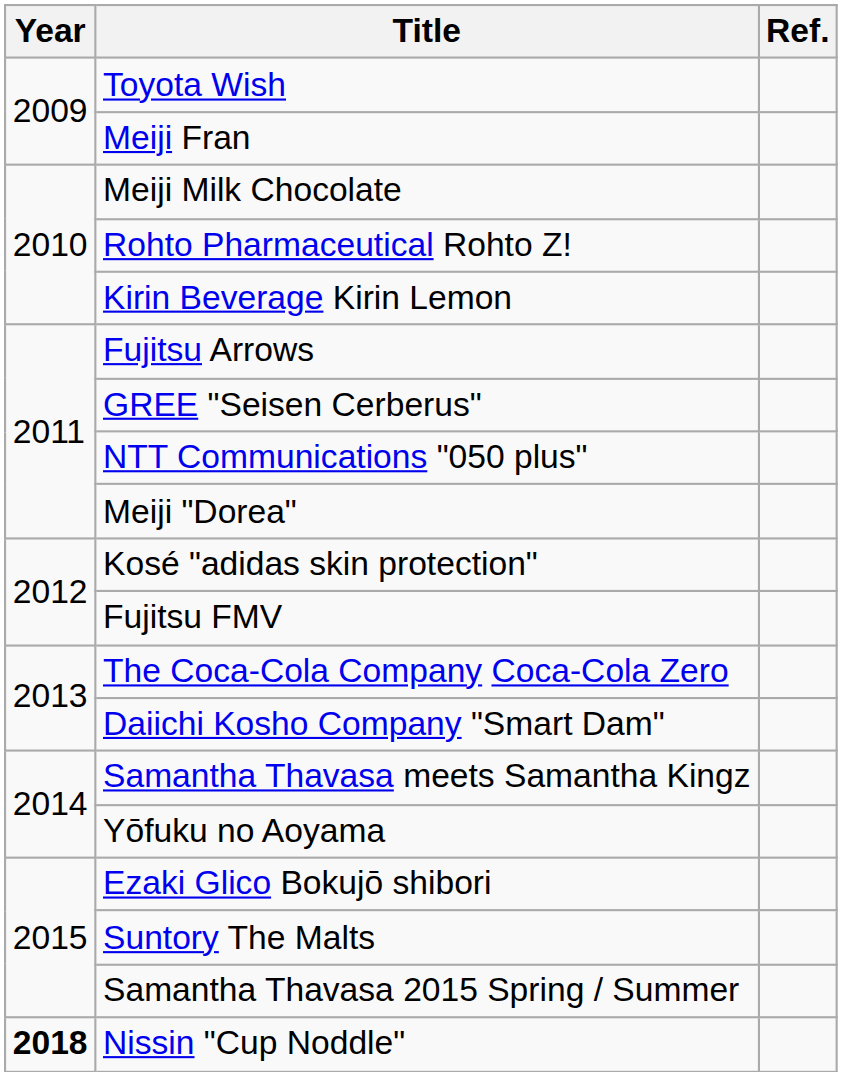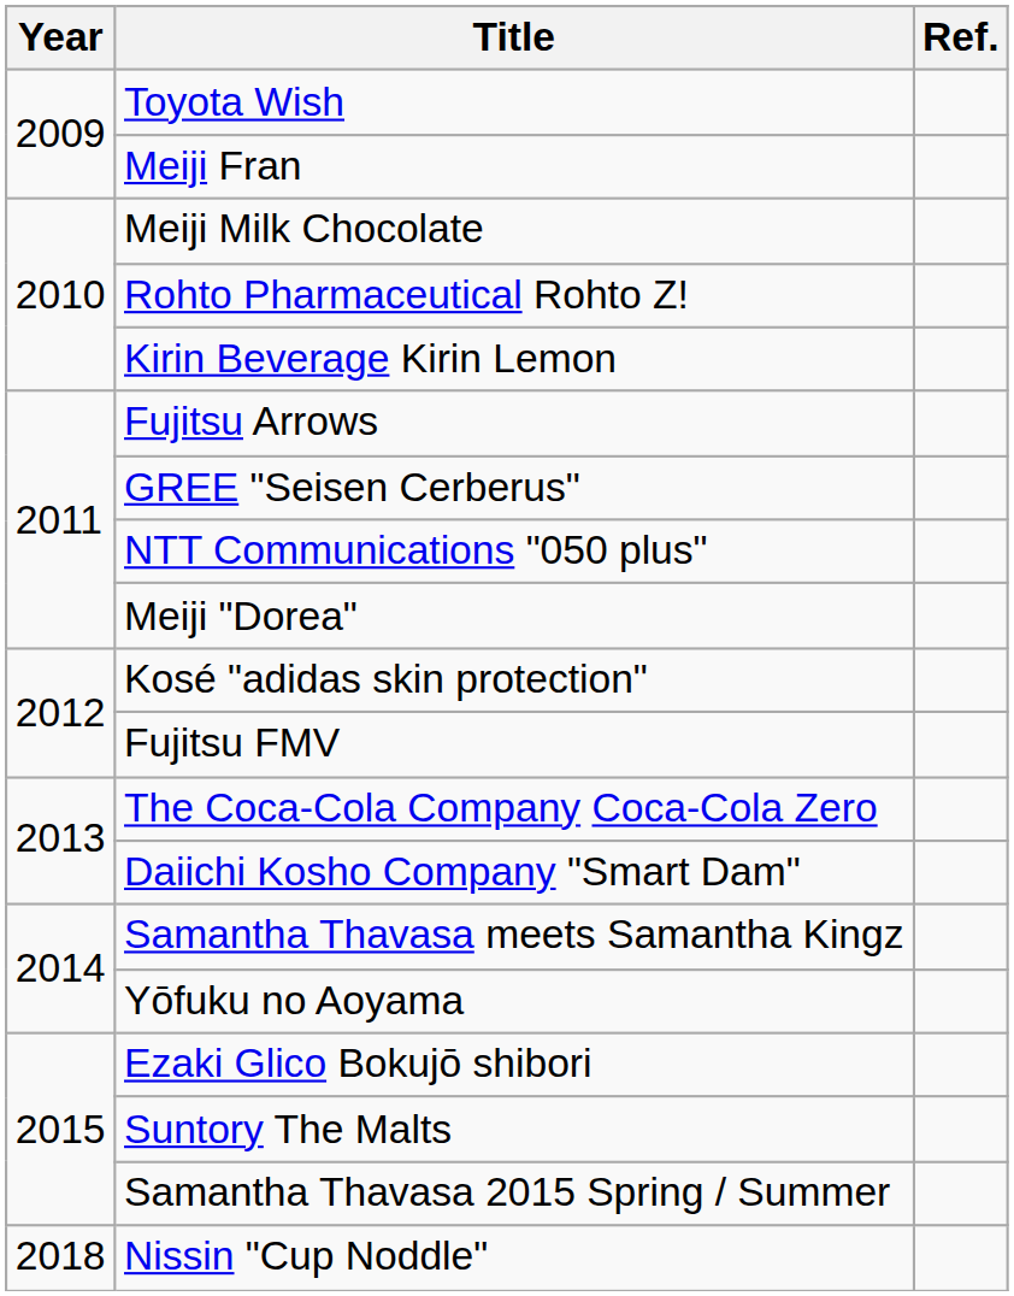 <table class="wikitable">
 <tr>
 <th>Year</th>
 <th>Title</th>
 <th>Ref.</th>
 </tr>
 <tr>
 <td rowspan="2">2009</td>
 <td><a href='#'>Toyota Wish</a></td>
 <td></td>
 </tr>
 <tr>
 <td><a href='#'>Meiji</a> Fran</td>
 <td></td>
 </tr>
 <tr>
 <td rowspan="3">2010</td>
 <td>Meiji Milk Chocolate</td>
 <td></td>
 </tr>
 <tr>
 <td><a href='#'>Rohto Pharmaceutical</a> Rohto Z!</td>
 <td></td>
 </tr>
 <tr>
 <td><a href='#'>Kirin Beverage</a> Kirin Lemon</td>
 <td></td>
 </tr>
 <tr>
 <td rowspan="4">2011</td>
 <td><a href='#'>Fujitsu</a> Arrows</td>
 <td></td>
 </tr>
 <tr>
 <td><a href='#'>GREE</a> "Seisen Cerberus"</td>
 <td></td>
 </tr>
 <tr>
 <td><a href='#'>NTT Communications</a> "050 plus"</td>
 <td></td>
 </tr>
 <tr>
 <td>Meiji "Dorea"</td>
 <td></td>
 </tr>
 <tr>
 <td rowspan="2">2012</td>
 <td>Kosé "adidas skin protection"</td>
 <td></td>
 </tr>
 <tr>
 <td>Fujitsu FMV</td>
 <td></td>
 </tr>
 <tr>
 <td rowspan="2">2013</td>
 <td><a href='#'>The Coca-Cola Company</a> <a href='#'>Coca-Cola Zero</a></td>
 <td></td>
 </tr>
 <tr>
 <td><a href='#'>Daiichi Kosho Company</a> "Smart Dam"</td>
 <td></td>
 </tr>
 <tr>
 <td rowspan="2">2014</td>
 <td><a href='#'>Samantha Thavasa</a> meets Samantha Kingz</td>
 <td></td>
 </tr>
 <tr>
 <td>Yōfuku no Aoyama</td>
 <td></td>
 </tr>
 <tr>
 <td rowspan="3">2015</td>
 <td><a href='#'>Ezaki Glico</a> Bokujō shibori</td>
 <td></td>
 </tr>
 <tr>
 <td><a href='#'>Suntory</a> The Malts</td>
 <td></td>
 </tr>
 <tr>
 <td>Samantha Thavasa 2015 Spring / Summer</td>
 <td></td>
 </tr>
 <tr>
-<td><strong>2018</strong></td>
+<td>2018</td>
 <td><a href='#'>Nissin</a> "Cup Noddle"</td>
 <td></td>
 </tr>
 </table>
